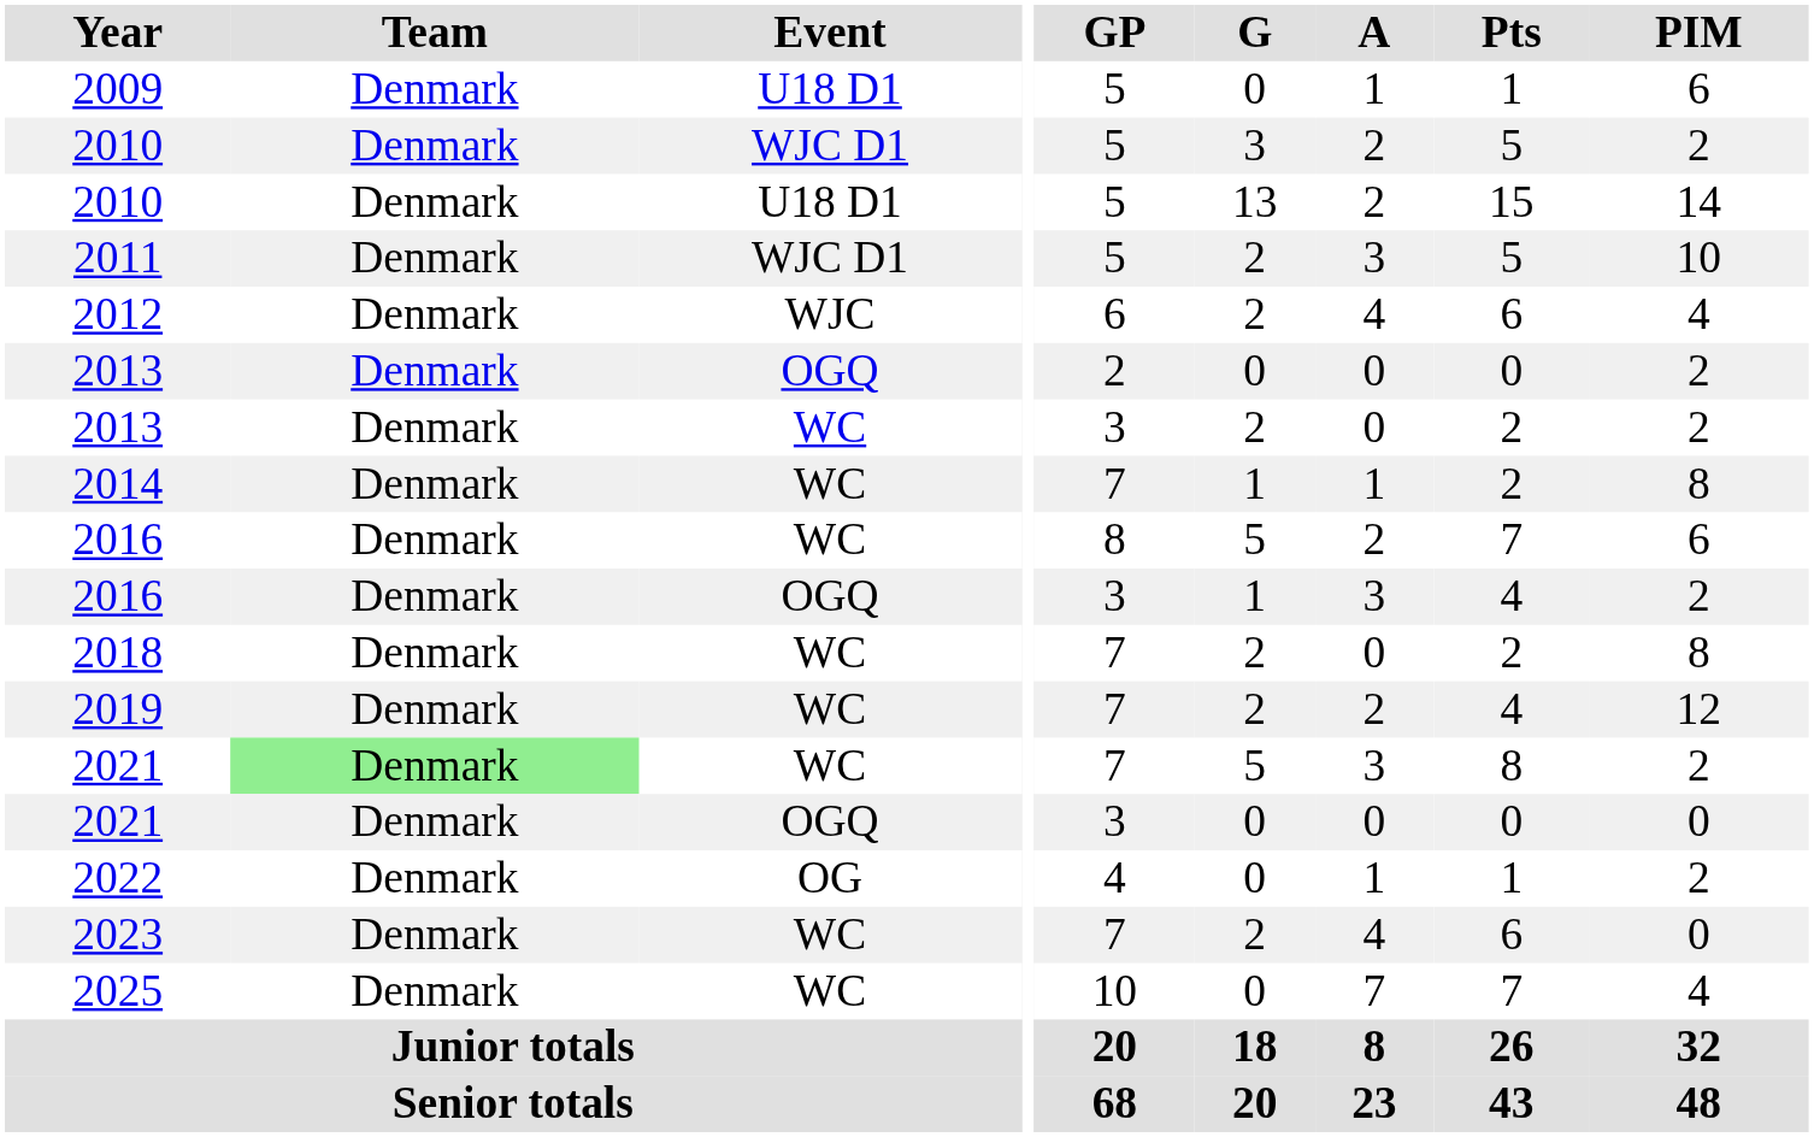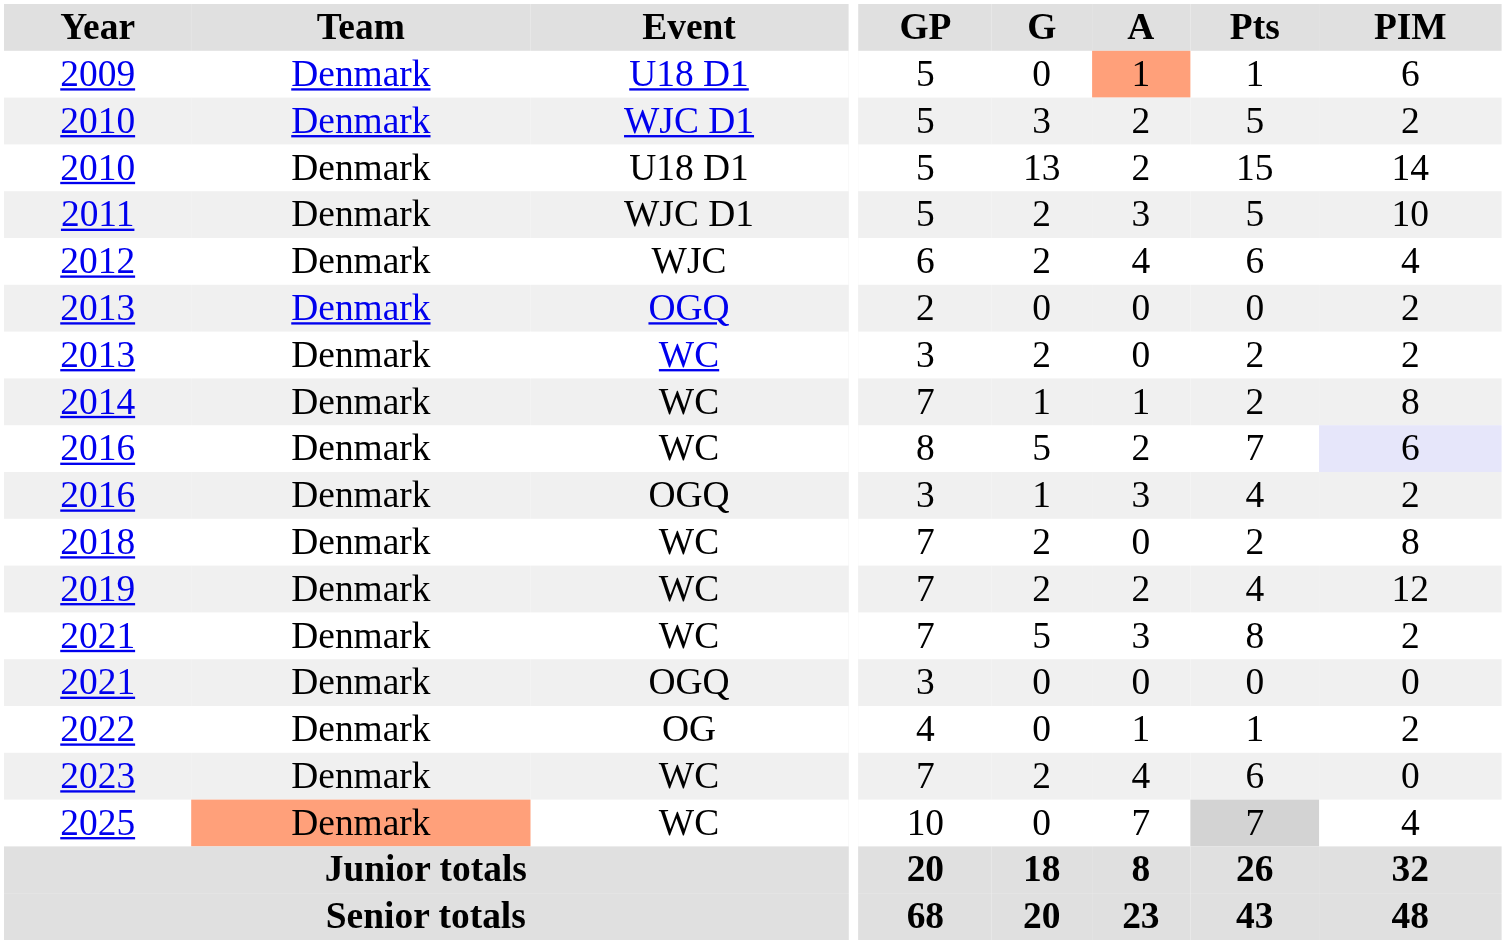 <table border="0" cellpadding="1" cellspacing="0" ID="Table3" style="text-align:center; width:40em">
 <tr ALIGN="center" bgcolor="#e0e0e0">
 <th>Year</th>
 <th>Team</th>
 <th>Event</th>
 <th rowspan="99" bgcolor="#ffffff"></th>
 <th>GP</th>
 <th>G</th>
 <th>A</th>
 <th>Pts</th>
 <th>PIM</th>
 </tr>
 <tr>
 <td><a href='#'>2009</a></td>
 <td><a href='#'>Denmark</a></td>
 <td><a href='#'>U18 D1</a></td>
 <td>5</td>
 <td>0</td>
-<td>1</td>
+<td style="background: lightsalmon;">1</td>
 <td>1</td>
 <td>6</td>
 </tr>
 <tr bgcolor="#f0f0f0">
 <td><a href='#'>2010</a></td>
 <td><a href='#'>Denmark</a></td>
 <td><a href='#'>WJC D1</a></td>
 <td>5</td>
 <td>3</td>
 <td>2</td>
 <td>5</td>
 <td>2</td>
 </tr>
 <tr>
 <td><a href='#'>2010</a></td>
 <td>Denmark</td>
 <td>U18 D1</td>
 <td>5</td>
 <td>13</td>
 <td>2</td>
 <td>15</td>
 <td>14</td>
 </tr>
 <tr bgcolor="#f0f0f0">
 <td><a href='#'>2011</a></td>
 <td>Denmark</td>
 <td>WJC D1</td>
 <td>5</td>
 <td>2</td>
 <td>3</td>
 <td>5</td>
 <td>10</td>
 </tr>
 <tr>
 <td><a href='#'>2012</a></td>
 <td>Denmark</td>
 <td>WJC</td>
 <td>6</td>
 <td>2</td>
 <td>4</td>
 <td>6</td>
 <td>4</td>
 </tr>
 <tr bgcolor="#f0f0f0">
 <td><a href='#'>2013</a></td>
 <td><a href='#'>Denmark</a></td>
 <td><a href='#'>OGQ</a></td>
 <td>2</td>
 <td>0</td>
 <td>0</td>
 <td>0</td>
 <td>2</td>
 </tr>
 <tr>
 <td><a href='#'>2013</a></td>
 <td>Denmark</td>
 <td><a href='#'>WC</a></td>
 <td>3</td>
 <td>2</td>
 <td>0</td>
 <td>2</td>
 <td>2</td>
 </tr>
 <tr bgcolor="#f0f0f0">
 <td><a href='#'>2014</a></td>
 <td>Denmark</td>
 <td>WC</td>
 <td>7</td>
 <td>1</td>
 <td>1</td>
 <td>2</td>
 <td>8</td>
 </tr>
 <tr>
 <td><a href='#'>2016</a></td>
 <td>Denmark</td>
 <td>WC</td>
 <td>8</td>
 <td>5</td>
 <td>2</td>
 <td>7</td>
-<td>6</td>
+<td style="background: lavender;">6</td>
 </tr>
 <tr bgcolor="#f0f0f0">
 <td><a href='#'>2016</a></td>
 <td>Denmark</td>
 <td>OGQ</td>
 <td>3</td>
 <td>1</td>
 <td>3</td>
 <td>4</td>
 <td>2</td>
 </tr>
 <tr>
 <td><a href='#'>2018</a></td>
 <td>Denmark</td>
 <td>WC</td>
 <td>7</td>
 <td>2</td>
 <td>0</td>
 <td>2</td>
 <td>8</td>
 </tr>
 <tr bgcolor="#f0f0f0">
 <td><a href='#'>2019</a></td>
 <td>Denmark</td>
 <td>WC</td>
 <td>7</td>
 <td>2</td>
 <td>2</td>
 <td>4</td>
 <td>12</td>
 </tr>
 <tr>
 <td><a href='#'>2021</a></td>
-<td style="background: lightgreen;">Denmark</td>
+<td>Denmark</td>
 <td>WC</td>
 <td>7</td>
 <td>5</td>
 <td>3</td>
 <td>8</td>
 <td>2</td>
 </tr>
 <tr bgcolor="#f0f0f0">
 <td><a href='#'>2021</a></td>
 <td>Denmark</td>
 <td>OGQ</td>
 <td>3</td>
 <td>0</td>
 <td>0</td>
 <td>0</td>
 <td>0</td>
 </tr>
 <tr>
 <td><a href='#'>2022</a></td>
 <td>Denmark</td>
 <td>OG</td>
 <td>4</td>
 <td>0</td>
 <td>1</td>
 <td>1</td>
 <td>2</td>
 </tr>
 <tr bgcolor="#f0f0f0">
 <td><a href='#'>2023</a></td>
 <td>Denmark</td>
 <td>WC</td>
 <td>7</td>
 <td>2</td>
 <td>4</td>
 <td>6</td>
 <td>0</td>
 </tr>
 <tr>
 <td><a href='#'>2025</a></td>
-<td>Denmark</td>
+<td style="background: lightsalmon;">Denmark</td>
 <td>WC</td>
 <td>10</td>
 <td>0</td>
 <td>7</td>
-<td>7</td>
+<td style="background: lightgrey;">7</td>
 <td>4</td>
 </tr>
 <tr bgcolor="#e0e0e0">
 <th colspan="3">Junior totals</th>
 <th>20</th>
 <th>18</th>
 <th>8</th>
 <th>26</th>
 <th>32</th>
 </tr>
 <tr bgcolor="#e0e0e0">
 <th colspan="3">Senior totals</th>
 <th>68</th>
 <th>20</th>
 <th>23</th>
 <th>43</th>
 <th>48</th>
 </tr>
 </table>
